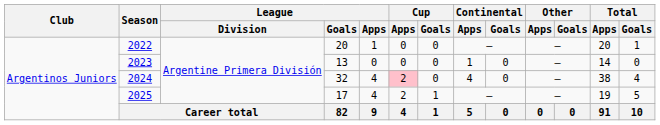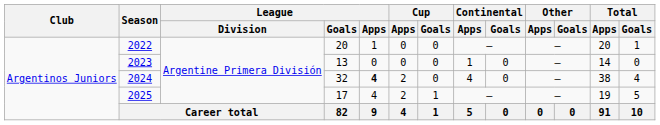 <table class="wikitable" style="text-align:center">
 <tr>
 <th rowspan="2">Club</th>
 <th rowspan="2">Season</th>
 <th colspan="3">League</th>
 <th colspan="2">Cup</th>
 <th colspan="2">Continental</th>
 <th colspan="2">Other</th>
 <th colspan="2">Total</th>
 </tr>
 <tr>
 <th>Division</th>
 <th>Goals</th>
 <th>Apps</th>
 <th>Apps</th>
 <th>Goals</th>
 <th>Apps</th>
 <th>Goals</th>
 <th>Apps</th>
 <th>Goals</th>
 <th>Apps</th>
 <th>Goals</th>
 </tr>
 <tr>
 <td rowspan="5"><a href='#'>Argentinos Juniors</a></td>
 <td><a href='#'>2022</a></td>
 <td rowspan="4"><a href='#'>Argentine Primera División</a></td>
 <td>20</td>
 <td>1</td>
 <td>0</td>
 <td>0</td>
 <td colspan="2">—</td>
 <td colspan="2">—</td>
 <td>20</td>
 <td>1</td>
 </tr>
 <tr>
 <td><a href='#'>2023</a></td>
 <td>13</td>
 <td>0</td>
 <td>0</td>
 <td>0</td>
 <td>1</td>
 <td>0</td>
 <td colspan="2">—</td>
 <td>14</td>
 <td>0</td>
 </tr>
 <tr>
 <td><a href='#'>2024</a></td>
 <td>32</td>
-<td>4</td>
-<td style="background: pink;">2</td>
+<td><strong>4</strong></td>
+<td>2</td>
 <td>0</td>
 <td>4</td>
 <td>0</td>
 <td colspan="2">—</td>
 <td>38</td>
 <td>4</td>
 </tr>
 <tr>
 <td><a href='#'>2025</a></td>
 <td>17</td>
 <td>4</td>
 <td>2</td>
 <td>1</td>
 <td colspan="2">—</td>
 <td colspan="2">—</td>
 <td>19</td>
 <td>5</td>
 </tr>
 <tr>
 <th colspan="2">Career total</th>
 <th>82</th>
 <th>9</th>
 <th>4</th>
 <th>1</th>
 <th>5</th>
 <th>0</th>
 <th>0</th>
 <th>0</th>
 <th>91</th>
 <th>10</th>
 </tr>
 </table>
